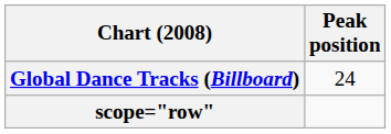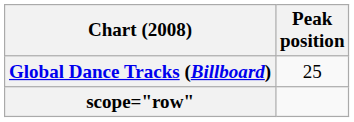 <table class="wikitable plainrowheaders">
 <tr>
 <th scope="col">Chart (2008)</th>
 <th scope="col">Peak<br>position</th>
 </tr>
 <tr>
 <th scope="row"><a href='#'>Global Dance Tracks</a> (<a href='#'><em>Billboard</em></a>)</th>
-<td align="center">24</td>
+<td align="center">25</td>
 </tr>
 <tr>
 <th>scope="row" </th>
 </tr>
 </table>
